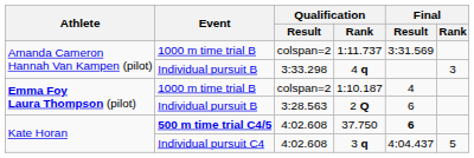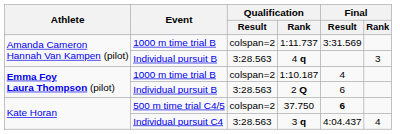 <table class="wikitable" style="font-size:90%;text-align:center;">
 <tr>
 <th rowspan="2">Athlete</th>
 <th rowspan="2">Event</th>
 <th colspan="2">Qualification</th>
 <th colspan="2">Final</th>
 </tr>
 <tr style="font-size:95%">
 <th>Result</th>
 <th>Rank</th>
 <th>Result</th>
 <th>Rank</th>
 </tr>
 <tr>
 <td style="text-align:left;" rowspan=2><a href='#'>Amanda Cameron</a><br><a href='#'>Hannah Van Kampen</a> (pilot)</td>
 <td style="text-align:left;"><a href='#'>1000 m time trial B</a></td>
 <td>colspan=2 </td>
 <td>1:11.737</td>
 <td>3:31.569</td>
 </tr>
 <tr>
 <td style="text-align:left;"><a href='#'>Individual pursuit B</a></td>
-<td>3:33.298</td>
+<td>3:28.563</td>
 <td>4 <strong>q</strong></td>
 <td></td>
 <td>3</td>
 </tr>
 <tr>
 <td style="text-align:left;" rowspan=2><strong><a href='#'>Emma Foy</a></strong><br><strong><a href='#'>Laura Thompson</a></strong> (pilot)</td>
 <td style="text-align:left;"><a href='#'>1000 m time trial B</a></td>
 <td>colspan=2 </td>
 <td>1:10.187</td>
 <td>4</td>
 </tr>
 <tr>
 <td style="text-align:left;"><a href='#'>Individual pursuit B</a></td>
 <td>3:28.563</td>
 <td>2 <strong>Q</strong></td>
 <td>6</td>
 <td></td>
 </tr>
 <tr>
 <td style="text-align:left;" rowspan=2><a href='#'>Kate Horan</a></td>
-<td style="text-align:left;"><strong><a href='#'>500 m time trial C4/5</a></strong></td>
-<td>4:02.608</td>
+<td style="text-align:left;"><a href='#'>500 m time trial C4/5</a></td>
+<td>colspan=2 </td>
 <td>37.750</td>
 <td><strong>6</strong></td>
 </tr>
 <tr>
 <td style="text-align:left;"><a href='#'>Individual pursuit C4</a></td>
-<td>4:02.608</td>
+<td>3:28.563</td>
 <td>3 <strong>q</strong></td>
 <td>4:04.437</td>
-<td>5</td>
+<td>4</td>
 </tr>
 </table>
